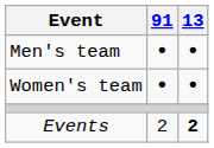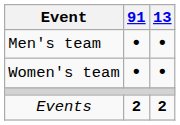 <table class="wikitable" style="text-align:center">
 <tr>
 <th>Event</th>
 <th><a href='#'>91</a></th>
 <th><a href='#'>13</a></th>
 </tr>
 <tr>
 <td align=left>Men's team</td>
 <td><big><strong>•</strong></big></td>
 <td><big><strong>•</strong></big></td>
 </tr>
 <tr>
 <td align=left>Women's team</td>
 <td><big><strong>•</strong></big></td>
 <td><big><strong>•</strong></big></td>
 </tr>
 <tr bgcolor=lightgray>
 <td colspan=6></td>
 </tr>
 <tr>
 <td><em>Events</em></td>
-<td>2</td>
+<td><strong>2</strong></td>
 <td><strong>2</strong></td>
 </tr>
 </table>
